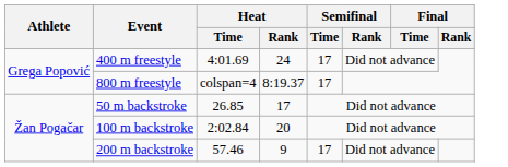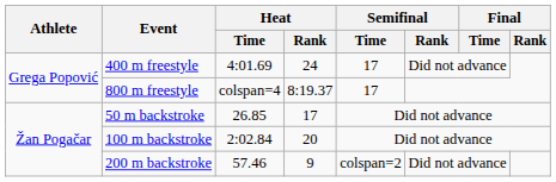 <table class=wikitable style="font-size:90%">
 <tr>
 <th rowspan=2>Athlete</th>
 <th rowspan=2>Event</th>
 <th colspan="2">Heat</th>
 <th colspan="2">Semifinal</th>
 <th colspan="2">Final</th>
 </tr>
 <tr style="font-size:95%">
 <th>Time</th>
 <th>Rank</th>
 <th>Time</th>
 <th>Rank</th>
 <th>Time</th>
 <th>Rank</th>
 </tr>
 <tr align=center>
 <td align=left rowspan=2><a href='#'>Grega Popović</a></td>
 <td align=left><a href='#'>400 m freestyle</a></td>
 <td>4:01.69</td>
 <td>24</td>
 <td>17</td>
 <td colspan=2>Did not advance</td>
 </tr>
 <tr align=center>
 <td align=left><a href='#'>800 m freestyle</a></td>
 <td>colspan=4 </td>
 <td>8:19.37</td>
 <td>17</td>
 </tr>
 <tr align="center">
 <td rowspan="3"><a href='#'>Žan Pogačar</a></td>
 <td align="left"><a href='#'>50 m backstroke</a></td>
 <td>26.85</td>
 <td>17</td>
 <td colspan="4">Did not advance</td>
 </tr>
 <tr align=center>
 <td align=left><a href='#'>100 m backstroke</a></td>
 <td>2:02.84</td>
 <td>20</td>
 <td colspan=4>Did not advance</td>
 </tr>
 <tr align=center>
 <td align=left><a href='#'>200 m backstroke</a></td>
 <td>57.46</td>
 <td>9</td>
-<td>17</td>
+<td>colspan=2 </td>
 <td colspan=2>Did not advance</td>
 </tr>
 </table>
